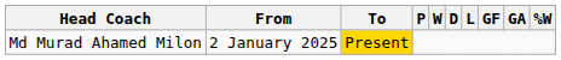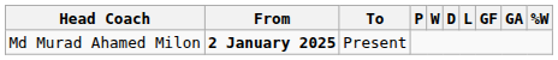 <table class="wikitable sortable" style="text-align:center">
 <tr>
 <th>Head Coach</th>
 <th Class="unsortable">From</th>
 <th Class="unsortable">To</th>
 <th abbr="3">P</th>
 <th abbr="1">W</th>
 <th abbr="1">D</th>
 <th abbr="1">L</th>
 <th abbr="4">GF</th>
 <th abbr="6">GA</th>
 <th abbr="50">%W</th>
 </tr>
 <tr>
 <td align=left> Md Murad Ahamed Milon</td>
-<td align=left>2 January 2025</td>
-<td align=left style="background: gold;">Present<br></td>
+<td align=left><strong>2 January 2025</strong></td>
+<td align=left>Present<br></td>
 </tr>
 </table>
